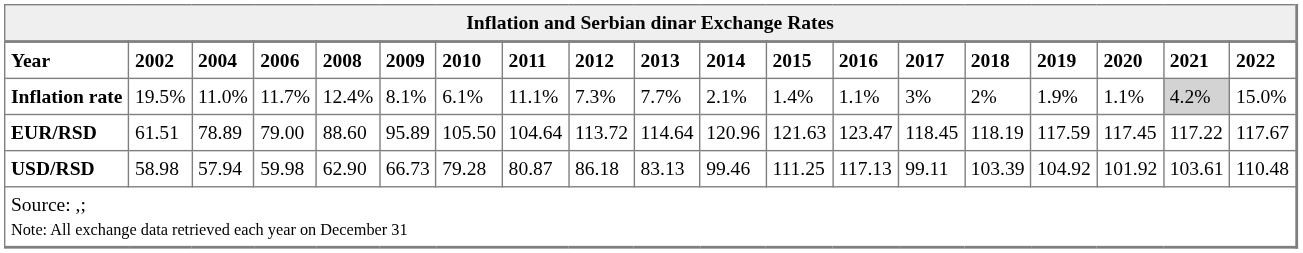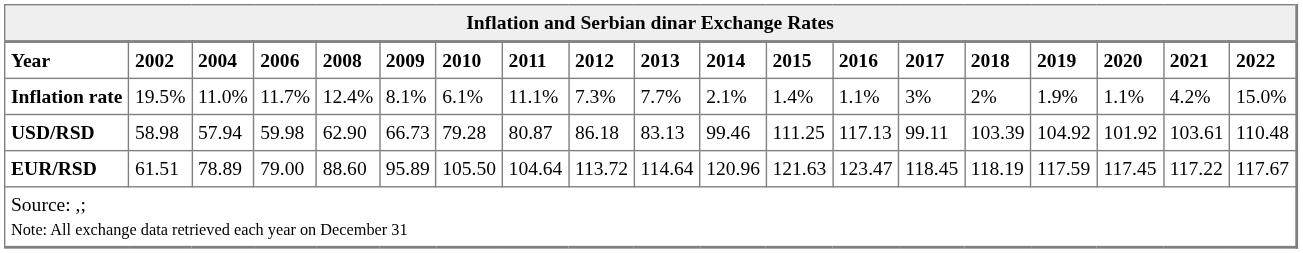 <table border="1" cellpadding="4" cellspacing="0" class="toccolours" style="align:left; margin:1.5em 0 0; border-style:solid; border:1px solid #7f7f7f; border-right-width:2px; border-bottom-width:2px; border-collapse:collapse; font-size:88%;">
 <tr>
 <th colspan=19 style="background: #efefef; border-bottom: 2px solid gray;">Inflation and Serbian dinar Exchange Rates</th>
 </tr>
 <tr>
 <td><strong>Year</strong></td>
 <td><strong>2002</strong></td>
 <td><strong>2004</strong></td>
 <td><strong>2006</strong></td>
 <td><strong>2008</strong></td>
 <td><strong>2009</strong></td>
 <td><strong>2010</strong></td>
 <td><strong>2011</strong></td>
 <td><strong>2012</strong></td>
 <td><strong>2013</strong></td>
 <td><strong>2014</strong></td>
 <td><strong>2015</strong></td>
 <td><strong>2016</strong></td>
 <td><strong>2017</strong></td>
 <td><strong>2018</strong></td>
 <td><strong>2019</strong></td>
 <td><strong>2020</strong></td>
 <td><strong>2021</strong></td>
 <td><strong>2022</strong></td>
 </tr>
 <tr>
 <td><strong>Inflation rate</strong></td>
 <td>19.5%</td>
 <td>11.0%</td>
 <td>11.7%</td>
 <td>12.4%</td>
 <td>8.1%</td>
 <td>6.1%</td>
 <td>11.1%</td>
 <td>7.3%</td>
 <td>7.7%</td>
 <td>2.1%</td>
 <td>1.4%</td>
 <td>1.1%</td>
 <td>3%</td>
 <td>2%</td>
 <td>1.9%</td>
 <td>1.1%</td>
-<td style="background: lightgrey;">4.2%</td>
+<td>4.2%</td>
 <td>15.0%</td>
+</tr>
+<tr>
+<td><strong>USD/RSD</strong></td>
+<td>58.98</td>
+<td>57.94</td>
+<td>59.98</td>
+<td>62.90</td>
+<td>66.73</td>
+<td>79.28</td>
+<td>80.87</td>
+<td>86.18</td>
+<td>83.13</td>
+<td>99.46</td>
+<td>111.25</td>
+<td>117.13</td>
+<td>99.11</td>
+<td>103.39</td>
+<td>104.92</td>
+<td>101.92</td>
+<td>103.61</td>
+<td>110.48</td>
 </tr>
 <tr>
 <td><strong>EUR/RSD</strong></td>
 <td>61.51</td>
 <td>78.89</td>
 <td>79.00</td>
 <td>88.60</td>
 <td>95.89</td>
 <td>105.50</td>
 <td>104.64</td>
 <td>113.72</td>
 <td>114.64</td>
 <td>120.96</td>
 <td>121.63</td>
 <td>123.47</td>
 <td>118.45</td>
 <td>118.19</td>
 <td>117.59</td>
 <td>117.45</td>
 <td>117.22</td>
 <td>117.67</td>
 </tr>
 <tr>
-<td><strong>USD/RSD</strong></td>
-<td>58.98</td>
-<td>57.94</td>
-<td>59.98</td>
-<td>62.90</td>
-<td>66.73</td>
-<td>79.28</td>
-<td>80.87</td>
-<td>86.18</td>
-<td>83.13</td>
-<td>99.46</td>
-<td>111.25</td>
-<td>117.13</td>
-<td>99.11</td>
-<td>103.39</td>
-<td>104.92</td>
-<td>101.92</td>
-<td>103.61</td>
-<td>110.48</td>
-</tr>
-<tr>
 <td colspan="19">Source: ,; <br><small>Note: All exchange data retrieved each year on December 31</small></td>
 </tr>
 </table>
